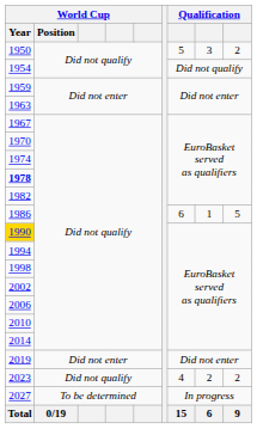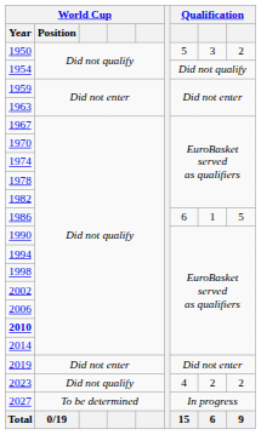 <table class="wikitable" style="text-align: center;font-size:90%;">
 <tr>
 <th colspan=5><a href='#'>World Cup</a></th>
 <th rowspan=23></th>
 <th colspan=3><a href='#'>Qualification</a></th>
 </tr>
 <tr>
 <th>Year</th>
 <th>Position</th>
 <th width=30></th>
 <th width=30></th>
 <th width=30></th>
 <th width=30></th>
 <th width=30></th>
 <th width=30></th>
 </tr>
 <tr>
 <td> <a href='#'>1950</a></td>
 <td colspan=4 rowspan=2><em>Did not qualify</em></td>
 <td>5</td>
 <td>3</td>
 <td>2</td>
 </tr>
 <tr>
 <td> <a href='#'>1954</a></td>
 <td colspan=3><em>Did not qualify</em></td>
 </tr>
 <tr>
 <td> <a href='#'>1959</a></td>
 <td colspan=4 rowspan=2><em>Did not enter</em></td>
 <td colspan=3 rowspan=2><em>Did not enter</em></td>
 </tr>
 <tr>
 <td> <a href='#'>1963</a></td>
 </tr>
 <tr>
 <td> <a href='#'>1967</a></td>
 <td colspan=4 rowspan=13><em>Did not qualify</em></td>
 <td colspan=3 rowspan=5><em>EuroBasket served<br>as qualifiers</em></td>
 </tr>
 <tr>
 <td> <a href='#'>1970</a></td>
 </tr>
 <tr>
 <td> <a href='#'>1974</a></td>
 </tr>
 <tr>
-<td><strong> <a href='#'>1978</a></strong></td>
+<td> <a href='#'>1978</a></td>
 </tr>
 <tr>
 <td> <a href='#'>1982</a></td>
 </tr>
 <tr>
 <td> <a href='#'>1986</a></td>
 <td>6</td>
 <td>1</td>
 <td>5</td>
 </tr>
 <tr>
-<td style="background: gold;"> <a href='#'>1990</a></td>
+<td> <a href='#'>1990</a></td>
 <td colspan=3 rowspan=7><em>EuroBasket served<br>as qualifiers</em></td>
 </tr>
 <tr>
 <td> <a href='#'>1994</a></td>
 </tr>
 <tr>
 <td> <a href='#'>1998</a></td>
 </tr>
 <tr>
 <td> <a href='#'>2002</a></td>
 </tr>
 <tr>
 <td> <a href='#'>2006</a></td>
 </tr>
 <tr>
-<td> <a href='#'>2010</a></td>
+<td><strong> <a href='#'>2010</a></strong></td>
 </tr>
 <tr>
 <td> <a href='#'>2014</a></td>
 </tr>
 <tr>
 <td> <a href='#'>2019</a></td>
 <td colspan=4><em>Did not enter</em></td>
 <td colspan=3><em>Did not enter</em></td>
 </tr>
 <tr>
 <td> <a href='#'>2023</a></td>
 <td colspan=4><em>Did not qualify</em></td>
 <td>4</td>
 <td>2</td>
 <td>2</td>
 </tr>
 <tr>
 <td> <a href='#'>2027</a></td>
 <td colspan=4><em>To be determined</em></td>
 <td colspan=3><em>In progress</em></td>
 </tr>
 <tr>
 <th>Total</th>
 <th>0/19</th>
 <th></th>
 <th></th>
 <th></th>
 <th>15</th>
 <th>6</th>
 <th>9</th>
 </tr>
 </table>
